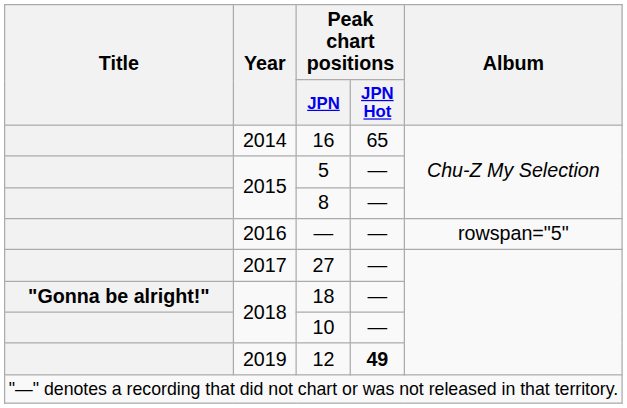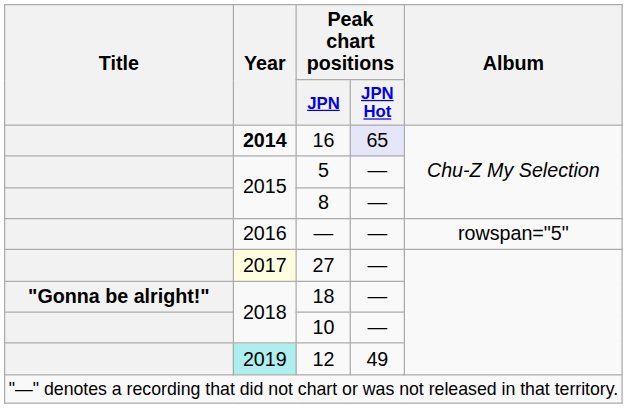 <table class="wikitable plainrowheaders" style="text-align:center;">
 <tr>
 <th scope="col" rowspan="2">Title</th>
 <th scope="col" rowspan="2">Year</th>
 <th scope="col" colspan="2">Peak chart positions</th>
 <th scope="col" rowspan="2">Album</th>
 </tr>
 <tr>
 <th scope="col" style="width:2.75em;font-size:85%;"><a href='#'>JPN</a><br></th>
 <th scope="col" style="width:2.75em;font-size:85%;"><a href='#'>JPN<br>Hot</a><br></th>
 </tr>
 <tr>
 <th scope="row"></th>
-<td>2014</td>
+<td><strong>2014</strong></td>
 <td>16</td>
-<td>65</td>
+<td style="background: lavender;">65</td>
 <td rowspan="3"><em>Chu-Z My Selection</em></td>
 </tr>
 <tr>
 <th scope="row"></th>
 <td rowspan="2">2015</td>
 <td>5</td>
 <td>—</td>
 </tr>
 <tr>
 <th scope="row"></th>
 <td>8</td>
 <td>—</td>
 </tr>
 <tr>
 <th scope="row"></th>
 <td>2016</td>
 <td>—</td>
 <td>—</td>
 <td>rowspan="5" </td>
 </tr>
 <tr>
 <th scope="row"></th>
-<td>2017</td>
+<td style="background: lightyellow;">2017</td>
 <td>27</td>
 <td>—</td>
 </tr>
 <tr>
 <th scope="row">"Gonna be alright!"</th>
 <td rowspan="2">2018</td>
 <td>18</td>
 <td>—</td>
 </tr>
 <tr>
 <th scope="row"></th>
 <td>10</td>
 <td>—</td>
 </tr>
 <tr>
 <th scope="row"></th>
-<td>2019</td>
+<td style="background: paleturquoise;">2019</td>
 <td>12</td>
-<td><strong>49</strong></td>
+<td>49</td>
 </tr>
 <tr>
 <td align="center" colspan="6" style="font-size:90%">"—" denotes a recording that did not chart or was not released in that territory.</td>
 </tr>
 </table>
